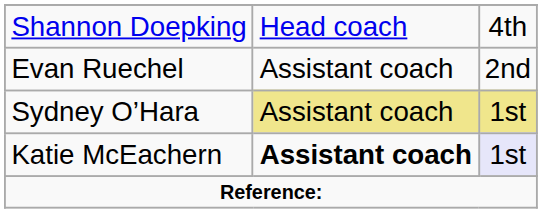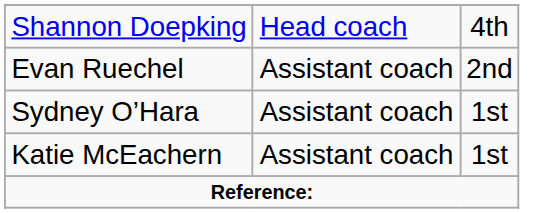 <table class="wikitable" style="font-size:93%;">
 <tr>
 </tr>
 <tr>
 <td><a href='#'>Shannon Doepking</a></td>
 <td><a href='#'>Head coach</a></td>
 <td align=center>4th</td>
 </tr>
 <tr>
 <td>Evan Ruechel</td>
 <td>Assistant coach</td>
 <td align=center>2nd</td>
 </tr>
 <tr>
 <td>Sydney O’Hara</td>
-<td style="background: khaki;">Assistant coach</td>
-<td align=center style="background: khaki;">1st</td>
+<td>Assistant coach</td>
+<td align=center>1st</td>
 </tr>
 <tr>
 <td>Katie McEachern</td>
-<td><strong>Assistant coach</strong></td>
-<td align=center style="background: lavender;">1st</td>
+<td>Assistant coach</td>
+<td align=center>1st</td>
 </tr>
 <tr>
 <td colspan="4"  style="font-size:8pt; text-align:center;"><strong>Reference:</strong></td>
 </tr>
 </table>
